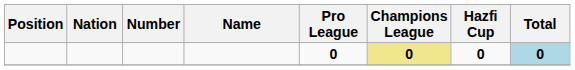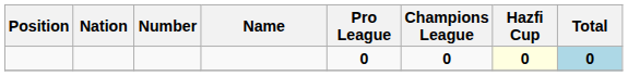 <table class="wikitable" style="font-size: 95%; text-align: center;">
 <tr>
 <th width=60>Position</th>
 <th width=60>Nation</th>
 <th width=60>Number</th>
 <th width=200>Name</th>
 <th width=80>Pro League</th>
 <th width=80>Champions League</th>
 <th width=80>Hazfi Cup</th>
 <th width=80>Total</th>
 </tr>
 <tr>
 <td></td>
 <td></td>
 <td></td>
 <td></td>
 <td><strong>0</strong></td>
-<td style="background: khaki;"><strong>0</strong></td>
 <td><strong>0</strong></td>
+<td style="background: lightyellow;"><strong>0</strong></td>
 <td style="background: lightblue;"><strong>0</strong></td>
 </tr>
 <tr>
 </tr>
 </table>
